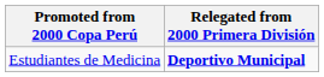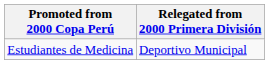 <table class="wikitable">
 <tr>
 <th>Promoted from<br><a href='#'>2000 Copa Perú</a></th>
 <th>Relegated from<br><a href='#'>2000 Primera División</a></th>
 </tr>
 <tr>
 <td> <a href='#'>Estudiantes de Medicina</a> </td>
-<td><strong> <a href='#'>Deportivo Municipal</a> </strong></td>
+<td> <a href='#'>Deportivo Municipal</a> </td>
 </tr>
 </table>
